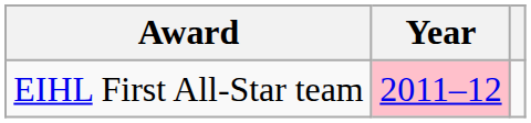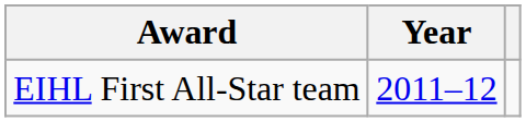 <table class="wikitable">
 <tr>
 <th>Award</th>
 <th>Year</th>
 <th></th>
 </tr>
 <tr>
 <td><a href='#'>EIHL</a> First All-Star team</td>
-<td style="background: pink;"><a href='#'>2011–12</a></td>
+<td><a href='#'>2011–12</a></td>
 <td></td>
 </tr>
 </table>
